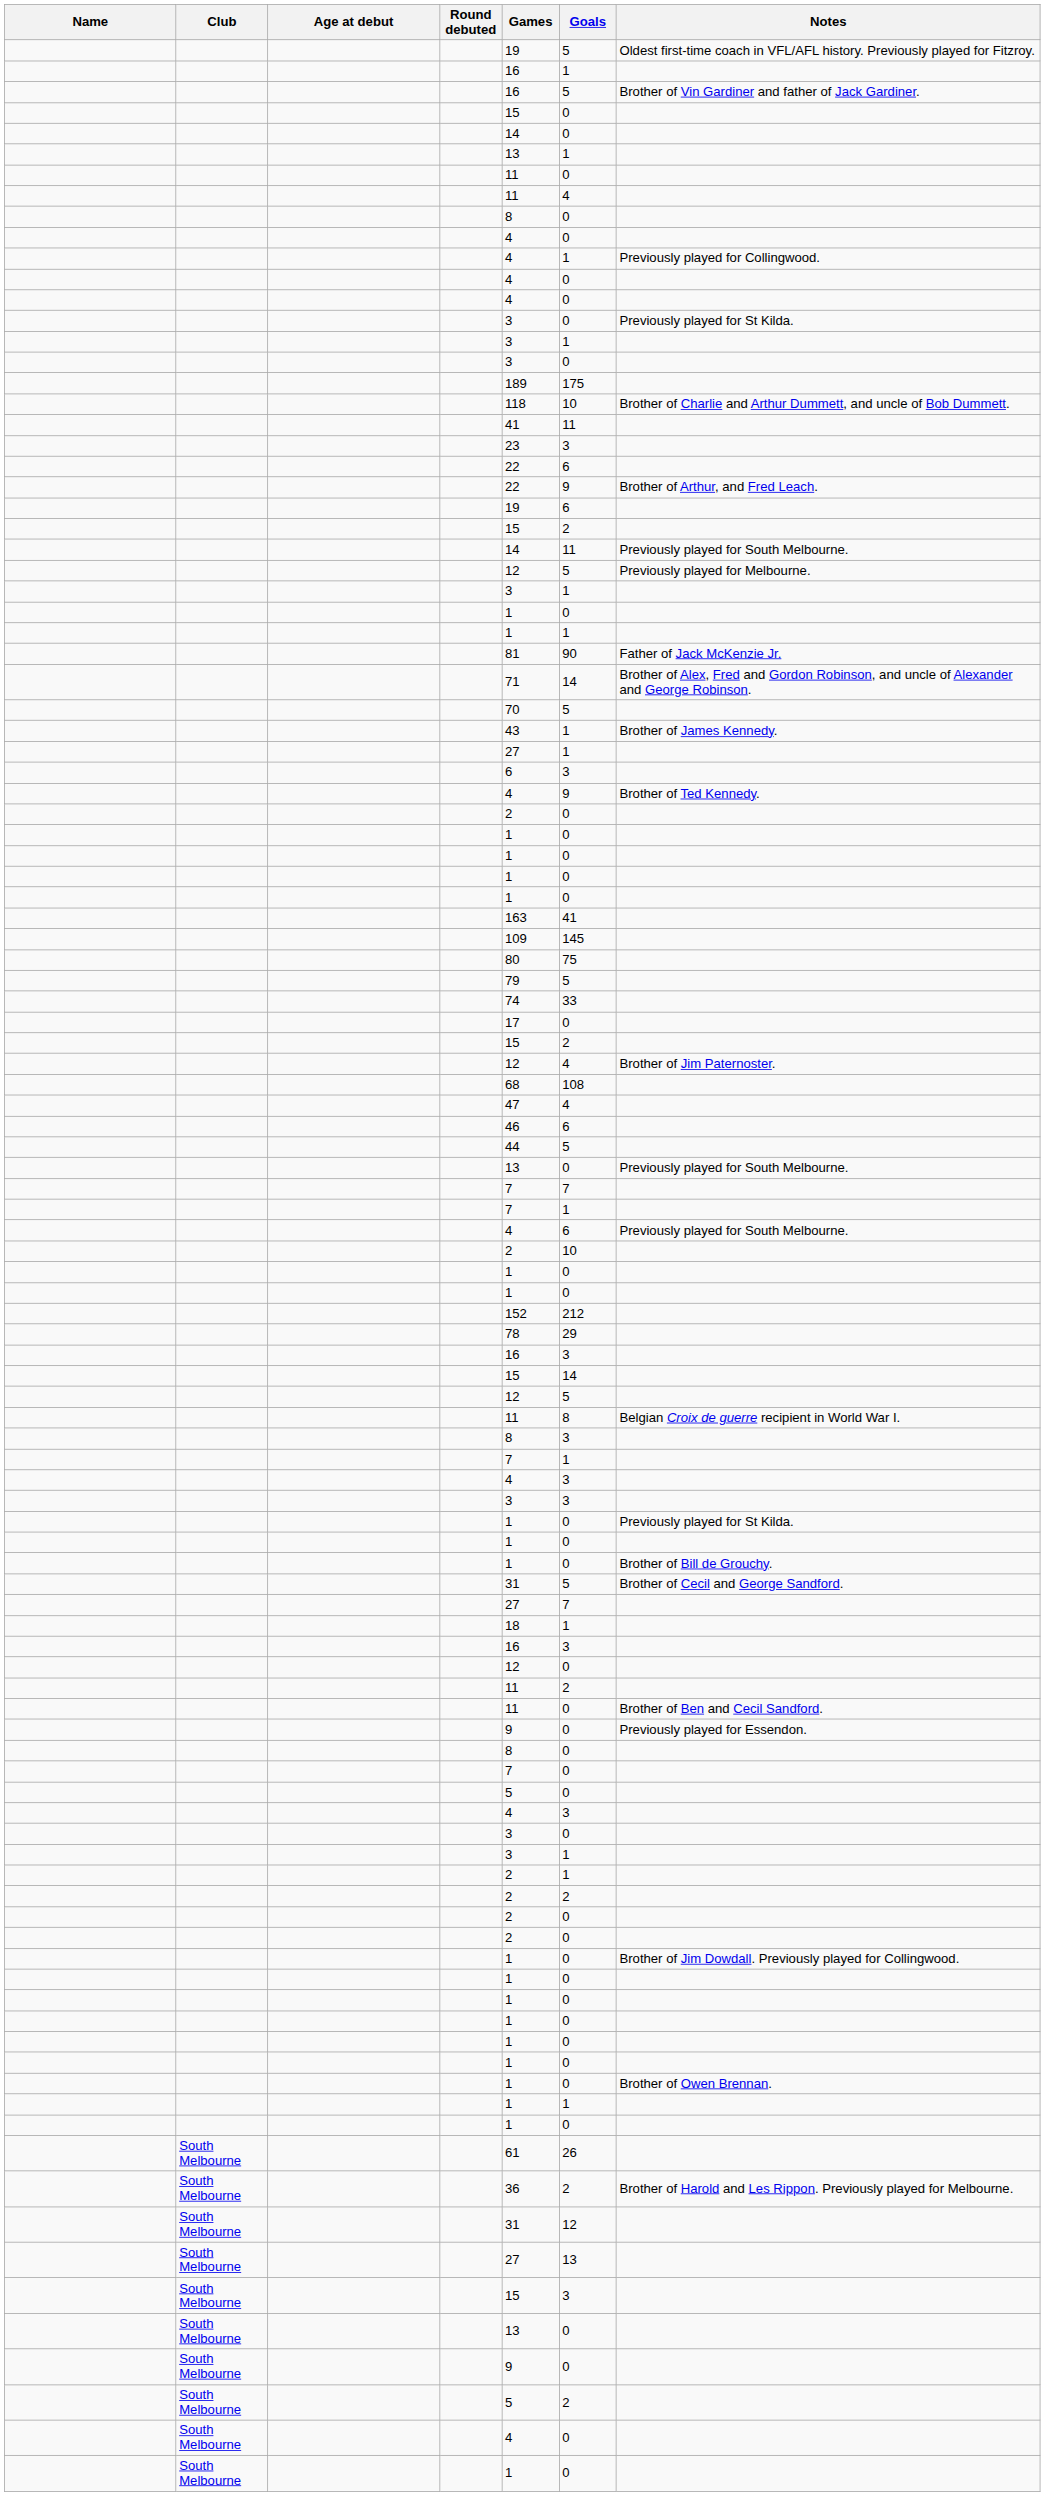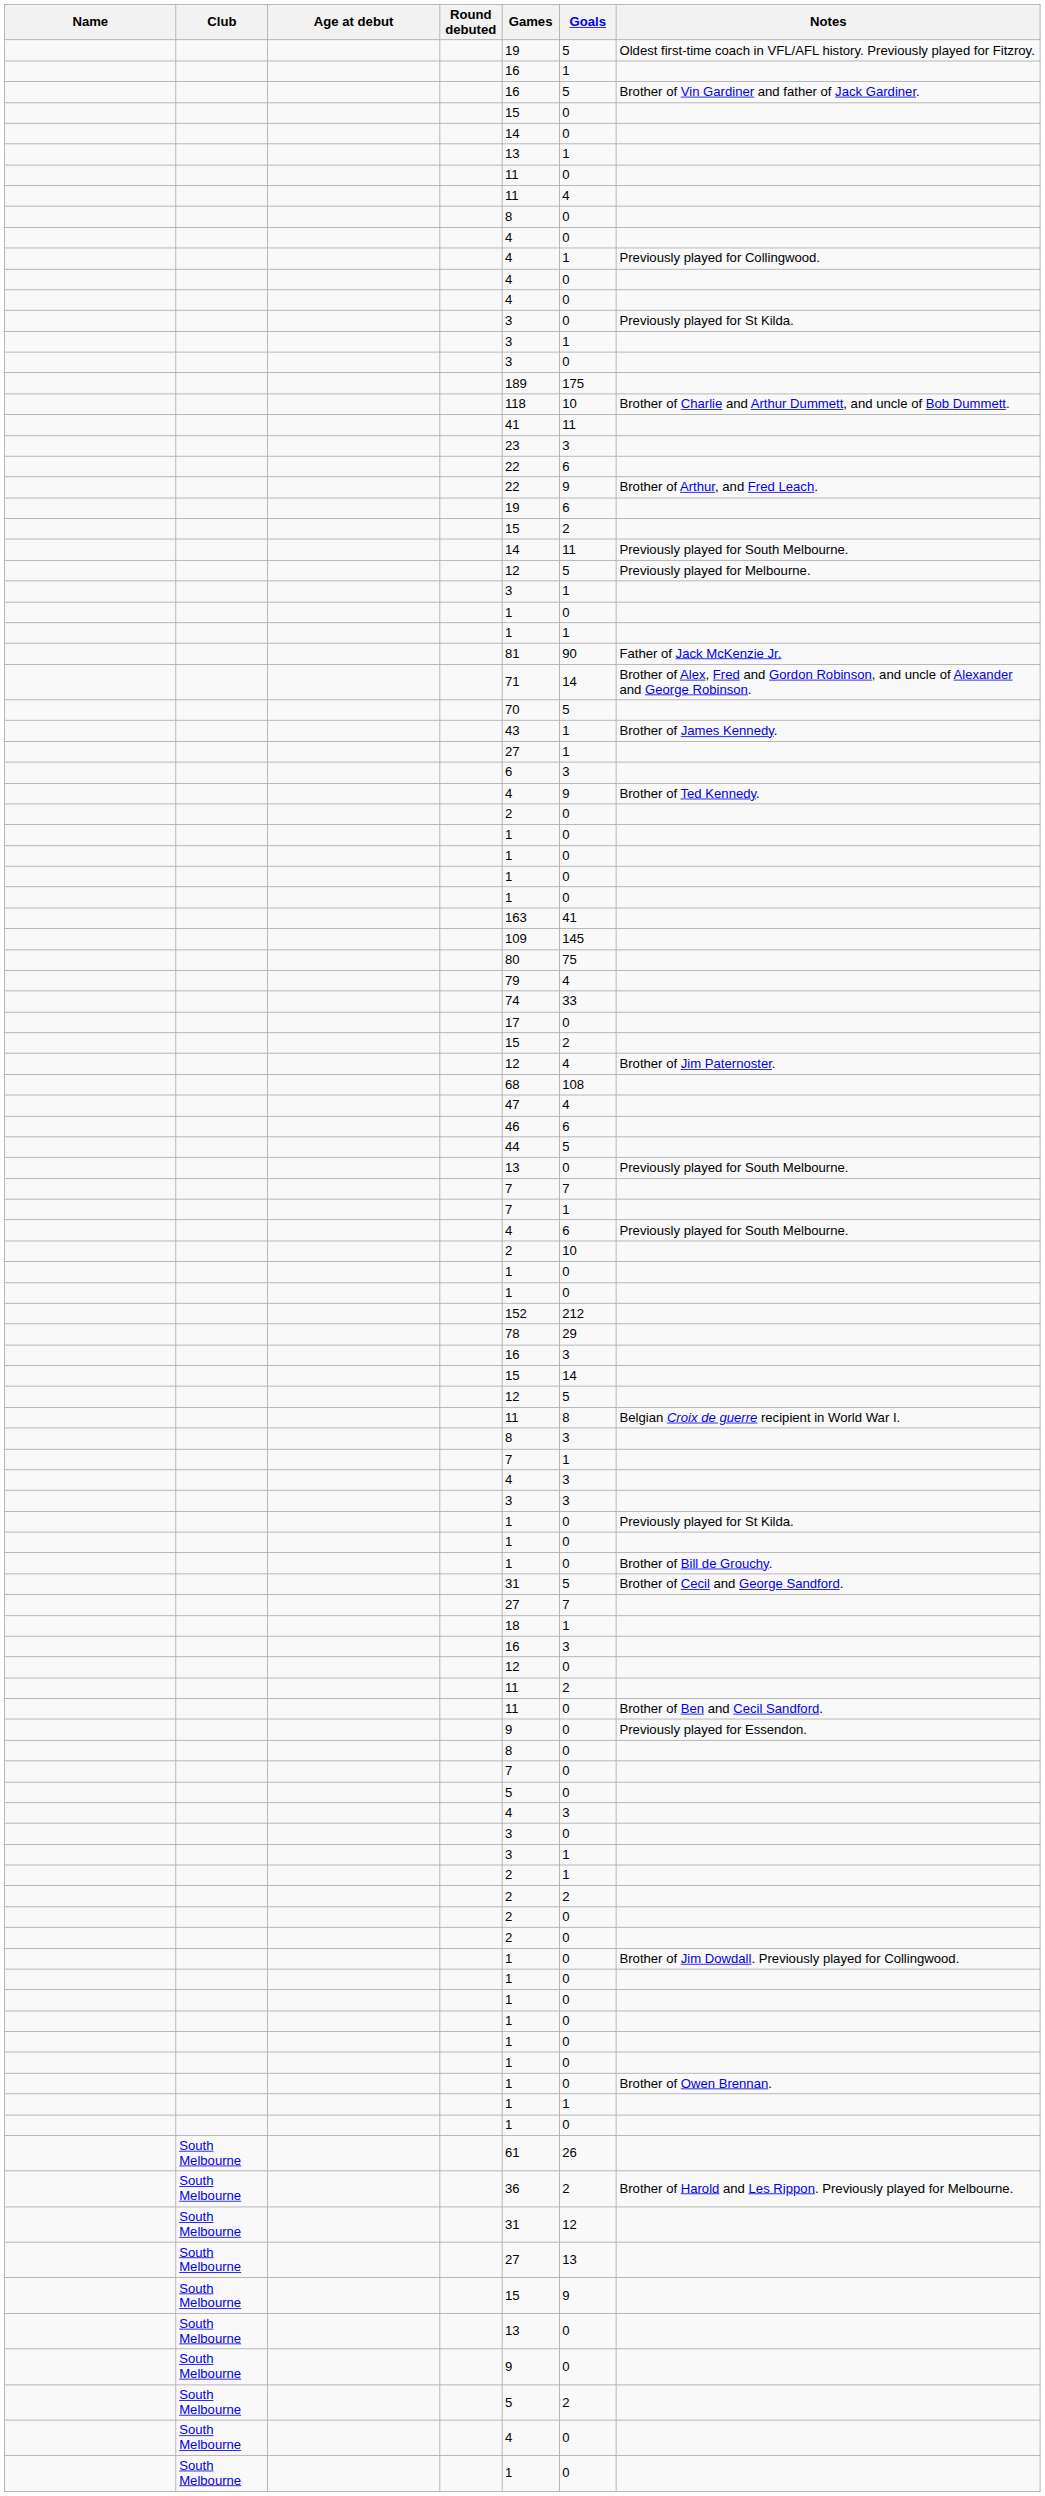 <table class="wikitable sortable" width="100%">
 <tr bgcolor="#efefef">
 <th width=15%>Name</th>
 <th width=8%>Club</th>
 <th width=15%>Age at debut</th>
 <th width=5%>Round debuted</th>
 <th width=5%>Games</th>
 <th width=5%><a href='#'>Goals</a></th>
 <th width=37%>Notes</th>
 </tr>
 <tr>
 <td></td>
 <td></td>
 <td></td>
 <td></td>
 <td>19</td>
 <td>5</td>
 <td>Oldest first-time coach in VFL/AFL history. Previously played for Fitzroy.</td>
 </tr>
 <tr>
 <td></td>
 <td></td>
 <td></td>
 <td></td>
 <td>16</td>
 <td>1</td>
 <td></td>
 </tr>
 <tr>
 <td></td>
 <td></td>
 <td></td>
 <td></td>
 <td>16</td>
 <td>5</td>
 <td>Brother of <a href='#'>Vin Gardiner</a> and father of <a href='#'>Jack Gardiner</a>.</td>
 </tr>
 <tr>
 <td></td>
 <td></td>
 <td></td>
 <td></td>
 <td>15</td>
 <td>0</td>
 <td></td>
 </tr>
 <tr>
 <td></td>
 <td></td>
 <td></td>
 <td></td>
 <td>14</td>
 <td>0</td>
 <td></td>
 </tr>
 <tr>
 <td></td>
 <td></td>
 <td></td>
 <td></td>
 <td>13</td>
 <td>1</td>
 <td></td>
 </tr>
 <tr>
 <td></td>
 <td></td>
 <td></td>
 <td></td>
 <td>11</td>
 <td>0</td>
 <td></td>
 </tr>
 <tr>
 <td></td>
 <td></td>
 <td></td>
 <td></td>
 <td>11</td>
 <td>4</td>
 <td></td>
 </tr>
 <tr>
 <td></td>
 <td></td>
 <td></td>
 <td></td>
 <td>8</td>
 <td>0</td>
 <td></td>
 </tr>
 <tr>
 <td></td>
 <td></td>
 <td></td>
 <td></td>
 <td>4</td>
 <td>0</td>
 <td></td>
 </tr>
 <tr>
 <td></td>
 <td></td>
 <td></td>
 <td></td>
 <td>4</td>
 <td>1</td>
 <td>Previously played for Collingwood.</td>
 </tr>
 <tr>
 <td></td>
 <td></td>
 <td></td>
 <td></td>
 <td>4</td>
 <td>0</td>
 <td></td>
 </tr>
 <tr>
 <td></td>
 <td></td>
 <td></td>
 <td></td>
 <td>4</td>
 <td>0</td>
 <td></td>
 </tr>
 <tr>
 <td></td>
 <td></td>
 <td></td>
 <td></td>
 <td>3</td>
 <td>0</td>
 <td>Previously played for St Kilda.</td>
 </tr>
 <tr>
 <td></td>
 <td></td>
 <td></td>
 <td></td>
 <td>3</td>
 <td>1</td>
 <td></td>
 </tr>
 <tr>
 <td></td>
 <td></td>
 <td></td>
 <td></td>
 <td>3</td>
 <td>0</td>
 <td></td>
 </tr>
 <tr>
 <td></td>
 <td></td>
 <td></td>
 <td></td>
 <td>189</td>
 <td>175</td>
 <td></td>
 </tr>
 <tr>
 <td></td>
 <td></td>
 <td></td>
 <td></td>
 <td>118</td>
 <td>10</td>
 <td>Brother of <a href='#'>Charlie</a> and <a href='#'>Arthur Dummett</a>, and uncle of <a href='#'>Bob Dummett</a>.</td>
 </tr>
 <tr>
 <td></td>
 <td></td>
 <td></td>
 <td></td>
 <td>41</td>
 <td>11</td>
 <td></td>
 </tr>
 <tr>
 <td></td>
 <td></td>
 <td></td>
 <td></td>
 <td>23</td>
 <td>3</td>
 <td></td>
 </tr>
 <tr>
 <td></td>
 <td></td>
 <td></td>
 <td></td>
 <td>22</td>
 <td>6</td>
 <td></td>
 </tr>
 <tr>
 <td></td>
 <td></td>
 <td></td>
 <td></td>
 <td>22</td>
 <td>9</td>
 <td>Brother of <a href='#'>Arthur</a>, and <a href='#'>Fred Leach</a>.</td>
 </tr>
 <tr>
 <td></td>
 <td></td>
 <td></td>
 <td></td>
 <td>19</td>
 <td>6</td>
 <td></td>
 </tr>
 <tr>
 <td></td>
 <td></td>
 <td></td>
 <td></td>
 <td>15</td>
 <td>2</td>
 <td></td>
 </tr>
 <tr>
 <td></td>
 <td></td>
 <td></td>
 <td></td>
 <td>14</td>
 <td>11</td>
 <td>Previously played for South Melbourne.</td>
 </tr>
 <tr>
 <td></td>
 <td></td>
 <td></td>
 <td></td>
 <td>12</td>
 <td>5</td>
 <td>Previously played for Melbourne.</td>
 </tr>
 <tr>
 <td></td>
 <td></td>
 <td></td>
 <td></td>
 <td>3</td>
 <td>1</td>
 <td></td>
 </tr>
 <tr>
 <td></td>
 <td></td>
 <td></td>
 <td></td>
 <td>1</td>
 <td>0</td>
 <td></td>
 </tr>
 <tr>
 <td></td>
 <td></td>
 <td></td>
 <td></td>
 <td>1</td>
 <td>1</td>
 <td></td>
 </tr>
 <tr>
 <td></td>
 <td></td>
 <td></td>
 <td></td>
 <td>81</td>
 <td>90</td>
 <td>Father of <a href='#'>Jack McKenzie Jr.</a></td>
 </tr>
 <tr>
 <td></td>
 <td></td>
 <td></td>
 <td></td>
 <td>71</td>
 <td>14</td>
 <td>Brother of <a href='#'>Alex</a>, <a href='#'>Fred</a> and <a href='#'>Gordon Robinson</a>, and uncle of <a href='#'>Alexander</a> and <a href='#'>George Robinson</a>.</td>
 </tr>
 <tr>
 <td></td>
 <td></td>
 <td></td>
 <td></td>
 <td>70</td>
 <td>5</td>
 <td></td>
 </tr>
 <tr>
 <td></td>
 <td></td>
 <td></td>
 <td></td>
 <td>43</td>
 <td>1</td>
 <td>Brother of <a href='#'>James Kennedy</a>.</td>
 </tr>
 <tr>
 <td></td>
 <td></td>
 <td></td>
 <td></td>
 <td>27</td>
 <td>1</td>
 <td></td>
 </tr>
 <tr>
 <td></td>
 <td></td>
 <td></td>
 <td></td>
 <td>6</td>
 <td>3</td>
 <td></td>
 </tr>
 <tr>
 <td></td>
 <td></td>
 <td></td>
 <td></td>
 <td>4</td>
 <td>9</td>
 <td>Brother of <a href='#'>Ted Kennedy</a>.</td>
 </tr>
 <tr>
 <td></td>
 <td></td>
 <td></td>
 <td></td>
 <td>2</td>
 <td>0</td>
 <td></td>
 </tr>
 <tr>
 <td></td>
 <td></td>
 <td></td>
 <td></td>
 <td>1</td>
 <td>0</td>
 <td></td>
 </tr>
 <tr>
 <td></td>
 <td></td>
 <td></td>
 <td></td>
 <td>1</td>
 <td>0</td>
 <td></td>
 </tr>
 <tr>
 <td></td>
 <td></td>
 <td></td>
 <td></td>
 <td>1</td>
 <td>0</td>
 <td></td>
 </tr>
 <tr>
 <td></td>
 <td></td>
 <td></td>
 <td></td>
 <td>1</td>
 <td>0</td>
 <td></td>
 </tr>
 <tr>
 <td></td>
 <td></td>
 <td></td>
 <td></td>
 <td>163</td>
 <td>41</td>
 <td></td>
 </tr>
 <tr>
 <td></td>
 <td></td>
 <td></td>
 <td></td>
 <td>109</td>
 <td>145</td>
 <td></td>
 </tr>
 <tr>
 <td></td>
 <td></td>
 <td></td>
 <td></td>
 <td>80</td>
 <td>75</td>
 <td></td>
 </tr>
 <tr>
 <td></td>
 <td></td>
 <td></td>
 <td></td>
 <td>79</td>
-<td>5</td>
+<td>4</td>
 <td></td>
 </tr>
 <tr>
 <td></td>
 <td></td>
 <td></td>
 <td></td>
 <td>74</td>
 <td>33</td>
 <td></td>
 </tr>
 <tr>
 <td></td>
 <td></td>
 <td></td>
 <td></td>
 <td>17</td>
 <td>0</td>
 <td></td>
 </tr>
 <tr>
 <td></td>
 <td></td>
 <td></td>
 <td></td>
 <td>15</td>
 <td>2</td>
 <td></td>
 </tr>
 <tr>
 <td></td>
 <td></td>
 <td></td>
 <td></td>
 <td>12</td>
 <td>4</td>
 <td>Brother of <a href='#'>Jim Paternoster</a>.</td>
 </tr>
 <tr>
 <td></td>
 <td></td>
 <td></td>
 <td></td>
 <td>68</td>
 <td>108</td>
 <td></td>
 </tr>
 <tr>
 <td></td>
 <td></td>
 <td></td>
 <td></td>
 <td>47</td>
 <td>4</td>
 <td></td>
 </tr>
 <tr>
 <td></td>
 <td></td>
 <td></td>
 <td></td>
 <td>46</td>
 <td>6</td>
 <td></td>
 </tr>
 <tr>
 <td></td>
 <td></td>
 <td></td>
 <td></td>
 <td>44</td>
 <td>5</td>
 <td></td>
 </tr>
 <tr>
 <td></td>
 <td></td>
 <td></td>
 <td></td>
 <td>13</td>
 <td>0</td>
 <td>Previously played for South Melbourne.</td>
 </tr>
 <tr>
 <td></td>
 <td></td>
 <td></td>
 <td></td>
 <td>7</td>
 <td>7</td>
 <td></td>
 </tr>
 <tr>
 <td></td>
 <td></td>
 <td></td>
 <td></td>
 <td>7</td>
 <td>1</td>
 <td></td>
 </tr>
 <tr>
 <td></td>
 <td></td>
 <td></td>
 <td></td>
 <td>4</td>
 <td>6</td>
 <td>Previously played for South Melbourne.</td>
 </tr>
 <tr>
 <td></td>
 <td></td>
 <td></td>
 <td></td>
 <td>2</td>
 <td>10</td>
 <td></td>
 </tr>
 <tr>
 <td></td>
 <td></td>
 <td></td>
 <td></td>
 <td>1</td>
 <td>0</td>
 <td></td>
 </tr>
 <tr>
 <td></td>
 <td></td>
 <td></td>
 <td></td>
 <td>1</td>
 <td>0</td>
 <td></td>
 </tr>
 <tr>
 <td></td>
 <td></td>
 <td></td>
 <td></td>
 <td>152</td>
 <td>212</td>
 <td></td>
 </tr>
 <tr>
 <td></td>
 <td></td>
 <td></td>
 <td></td>
 <td>78</td>
 <td>29</td>
 <td></td>
 </tr>
 <tr>
 <td></td>
 <td></td>
 <td></td>
 <td></td>
 <td>16</td>
 <td>3</td>
 <td></td>
 </tr>
 <tr>
 <td></td>
 <td></td>
 <td></td>
 <td></td>
 <td>15</td>
 <td>14</td>
 <td></td>
 </tr>
 <tr>
 <td></td>
 <td></td>
 <td></td>
 <td></td>
 <td>12</td>
 <td>5</td>
 <td></td>
 </tr>
 <tr>
 <td></td>
 <td></td>
 <td></td>
 <td></td>
 <td>11</td>
 <td>8</td>
 <td>Belgian <em><a href='#'>Croix de guerre</a></em> recipient in World War I.</td>
 </tr>
 <tr>
 <td></td>
 <td></td>
 <td></td>
 <td></td>
 <td>8</td>
 <td>3</td>
 <td></td>
 </tr>
 <tr>
 <td></td>
 <td></td>
 <td></td>
 <td></td>
 <td>7</td>
 <td>1</td>
 <td></td>
 </tr>
 <tr>
 <td></td>
 <td></td>
 <td></td>
 <td></td>
 <td>4</td>
 <td>3</td>
 <td></td>
 </tr>
 <tr>
 <td></td>
 <td></td>
 <td></td>
 <td></td>
 <td>3</td>
 <td>3</td>
 <td></td>
 </tr>
 <tr>
 <td></td>
 <td></td>
 <td></td>
 <td></td>
 <td>1</td>
 <td>0</td>
 <td>Previously played for St Kilda.</td>
 </tr>
 <tr>
 <td></td>
 <td></td>
 <td></td>
 <td></td>
 <td>1</td>
 <td>0</td>
 <td></td>
 </tr>
 <tr>
 <td></td>
 <td></td>
 <td></td>
 <td></td>
 <td>1</td>
 <td>0</td>
 <td>Brother of <a href='#'>Bill de Grouchy</a>.</td>
 </tr>
 <tr>
 <td></td>
 <td></td>
 <td></td>
 <td></td>
 <td>31</td>
 <td>5</td>
 <td>Brother of <a href='#'>Cecil</a> and <a href='#'>George Sandford</a>.</td>
 </tr>
 <tr>
 <td></td>
 <td></td>
 <td></td>
 <td></td>
 <td>27</td>
 <td>7</td>
 <td></td>
 </tr>
 <tr>
 <td></td>
 <td></td>
 <td></td>
 <td></td>
 <td>18</td>
 <td>1</td>
 <td></td>
 </tr>
 <tr>
 <td></td>
 <td></td>
 <td></td>
 <td></td>
 <td>16</td>
 <td>3</td>
 <td></td>
 </tr>
 <tr>
 <td></td>
 <td></td>
 <td></td>
 <td></td>
 <td>12</td>
 <td>0</td>
 <td></td>
 </tr>
 <tr>
 <td></td>
 <td></td>
 <td></td>
 <td></td>
 <td>11</td>
 <td>2</td>
 <td></td>
 </tr>
 <tr>
 <td></td>
 <td></td>
 <td></td>
 <td></td>
 <td>11</td>
 <td>0</td>
 <td>Brother of <a href='#'>Ben</a> and <a href='#'>Cecil Sandford</a>.</td>
 </tr>
 <tr>
 <td></td>
 <td></td>
 <td></td>
 <td></td>
 <td>9</td>
 <td>0</td>
 <td>Previously played for Essendon.</td>
 </tr>
 <tr>
 <td></td>
 <td></td>
 <td></td>
 <td></td>
 <td>8</td>
 <td>0</td>
 <td></td>
 </tr>
 <tr>
 <td></td>
 <td></td>
 <td></td>
 <td></td>
 <td>7</td>
 <td>0</td>
 <td></td>
 </tr>
 <tr>
 <td></td>
 <td></td>
 <td></td>
 <td></td>
 <td>5</td>
 <td>0</td>
 <td></td>
 </tr>
 <tr>
 <td></td>
 <td></td>
 <td></td>
 <td></td>
 <td>4</td>
 <td>3</td>
 <td></td>
 </tr>
 <tr>
 <td></td>
 <td></td>
 <td></td>
 <td></td>
 <td>3</td>
 <td>0</td>
 <td></td>
 </tr>
 <tr>
 <td></td>
 <td></td>
 <td></td>
 <td></td>
 <td>3</td>
 <td>1</td>
 <td></td>
 </tr>
 <tr>
 <td></td>
 <td></td>
 <td></td>
 <td></td>
 <td>2</td>
 <td>1</td>
 <td></td>
 </tr>
 <tr>
 <td></td>
 <td></td>
 <td></td>
 <td></td>
 <td>2</td>
 <td>2</td>
 <td></td>
 </tr>
 <tr>
 <td></td>
 <td></td>
 <td></td>
 <td></td>
 <td>2</td>
 <td>0</td>
 <td></td>
 </tr>
 <tr>
 <td></td>
 <td></td>
 <td></td>
 <td></td>
 <td>2</td>
 <td>0</td>
 <td></td>
 </tr>
 <tr>
 <td></td>
 <td></td>
 <td></td>
 <td></td>
 <td>1</td>
 <td>0</td>
 <td>Brother of <a href='#'>Jim Dowdall</a>. Previously played for Collingwood.</td>
 </tr>
 <tr>
 <td></td>
 <td></td>
 <td></td>
 <td></td>
 <td>1</td>
 <td>0</td>
 <td></td>
 </tr>
 <tr>
 <td></td>
 <td></td>
 <td></td>
 <td></td>
 <td>1</td>
 <td>0</td>
 <td></td>
 </tr>
 <tr>
 <td></td>
 <td></td>
 <td></td>
 <td></td>
 <td>1</td>
 <td>0</td>
 <td></td>
 </tr>
 <tr>
 <td></td>
 <td></td>
 <td></td>
 <td></td>
 <td>1</td>
 <td>0</td>
 <td></td>
 </tr>
 <tr>
 <td></td>
 <td></td>
 <td></td>
 <td></td>
 <td>1</td>
 <td>0</td>
 <td></td>
 </tr>
 <tr>
 <td></td>
 <td></td>
 <td></td>
 <td></td>
 <td>1</td>
 <td>0</td>
 <td>Brother of <a href='#'>Owen Brennan</a>.</td>
 </tr>
 <tr>
 <td></td>
 <td></td>
 <td></td>
 <td></td>
 <td>1</td>
 <td>1</td>
 <td></td>
 </tr>
 <tr>
 <td></td>
 <td></td>
 <td></td>
 <td></td>
 <td>1</td>
 <td>0</td>
 <td></td>
 </tr>
 <tr>
 <td></td>
 <td><a href='#'>South Melbourne</a></td>
 <td></td>
 <td></td>
 <td>61</td>
 <td>26</td>
 <td></td>
 </tr>
 <tr>
 <td></td>
 <td><a href='#'>South Melbourne</a></td>
 <td></td>
 <td></td>
 <td>36</td>
 <td>2</td>
 <td>Brother of <a href='#'>Harold</a> and <a href='#'>Les Rippon</a>. Previously played for Melbourne.</td>
 </tr>
 <tr>
 <td></td>
 <td><a href='#'>South Melbourne</a></td>
 <td></td>
 <td></td>
 <td>31</td>
 <td>12</td>
 <td></td>
 </tr>
 <tr>
 <td></td>
 <td><a href='#'>South Melbourne</a></td>
 <td></td>
 <td></td>
 <td>27</td>
 <td>13</td>
 <td></td>
 </tr>
 <tr>
 <td></td>
 <td><a href='#'>South Melbourne</a></td>
 <td></td>
 <td></td>
 <td>15</td>
-<td>3</td>
+<td>9</td>
 <td></td>
 </tr>
 <tr>
 <td></td>
 <td><a href='#'>South Melbourne</a></td>
 <td></td>
 <td></td>
 <td>13</td>
 <td>0</td>
 <td></td>
 </tr>
 <tr>
 <td></td>
 <td><a href='#'>South Melbourne</a></td>
 <td></td>
 <td></td>
 <td>9</td>
 <td>0</td>
 <td></td>
 </tr>
 <tr>
 <td></td>
 <td><a href='#'>South Melbourne</a></td>
 <td></td>
 <td></td>
 <td>5</td>
 <td>2</td>
 <td></td>
 </tr>
 <tr>
 <td></td>
 <td><a href='#'>South Melbourne</a></td>
 <td></td>
 <td></td>
 <td>4</td>
 <td>0</td>
 <td></td>
 </tr>
 <tr>
 <td></td>
 <td><a href='#'>South Melbourne</a></td>
 <td></td>
 <td></td>
 <td>1</td>
 <td>0</td>
 <td></td>
 </tr>
 </table>
